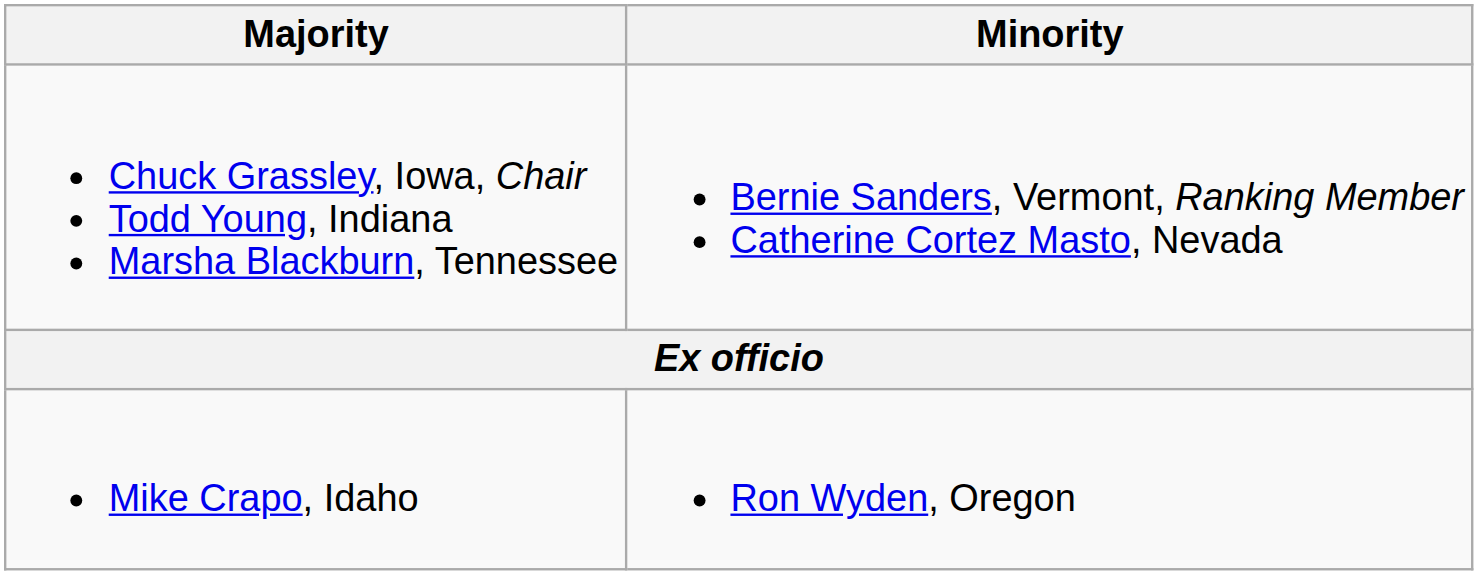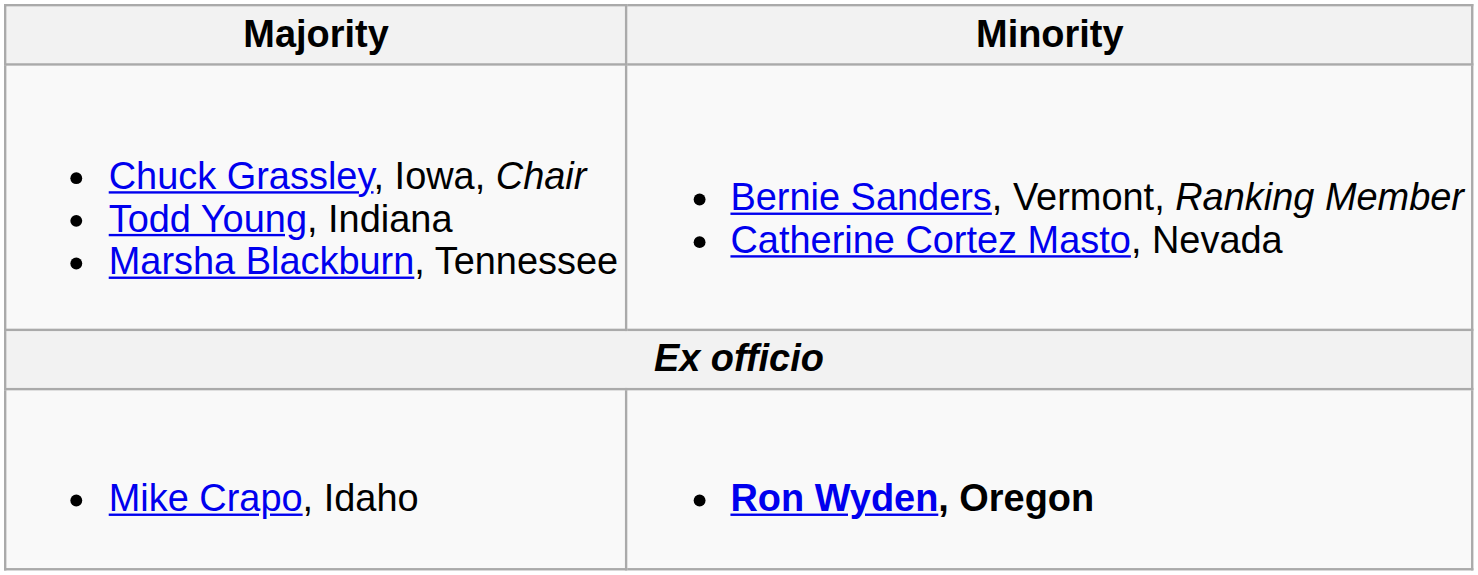 <table class=wikitable>
 <tr>
 <th>Majority</th>
 <th>Minority</th>
 </tr>
 <tr>
 <td><br><ul><li><a href='#'>Chuck Grassley</a>, Iowa, <em>Chair</em></li><li><a href='#'>Todd Young</a>, Indiana</li><li><a href='#'>Marsha Blackburn</a>, Tennessee</li></ul></td>
 <td><br><ul><li><span><a href='#'>Bernie Sanders</a>, Vermont, <em>Ranking Member</em></span></li><li><a href='#'>Catherine Cortez Masto</a>, Nevada</li></ul></td>
 </tr>
 <tr>
 <th colspan=2><em>Ex officio</em></th>
 </tr>
 <tr>
 <td><br><ul><li><a href='#'>Mike Crapo</a>, Idaho</li></ul></td>
-<td><br><ul><li><a href='#'>Ron Wyden</a>, Oregon</li></ul></td>
+<td><strong><br><ul><li><a href='#'>Ron Wyden</a>, Oregon</li></ul></strong></td>
 </tr>
 </table>
